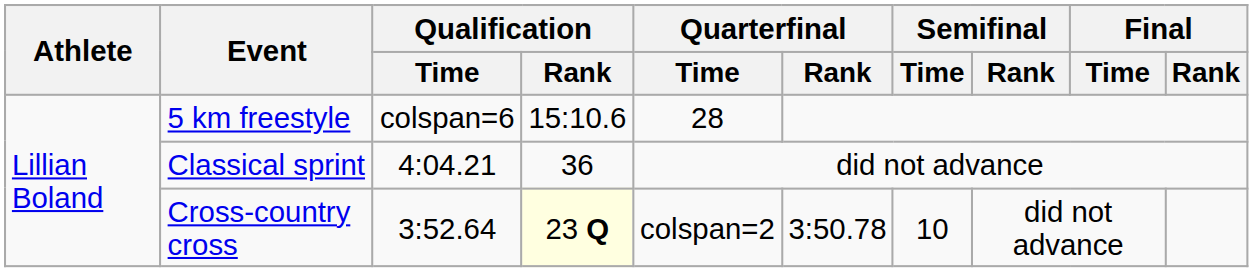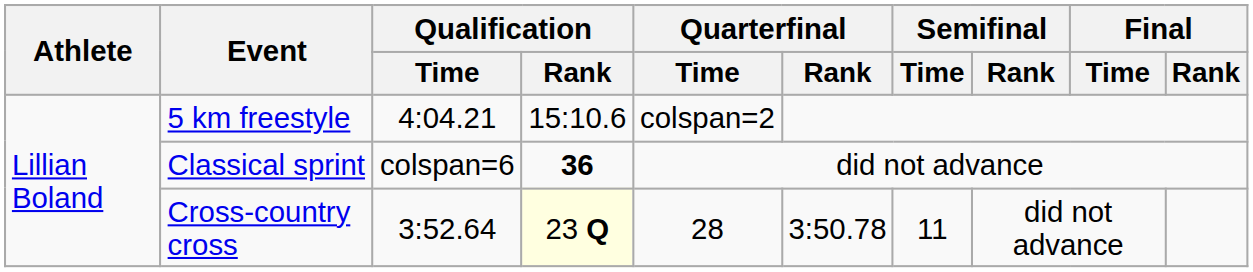 <table class="wikitable" style="font-size:90%">
 <tr>
 <th rowspan="2">Athlete</th>
 <th rowspan="2">Event</th>
 <th colspan="2">Qualification</th>
 <th colspan="2">Quarterfinal</th>
 <th colspan="2">Semifinal</th>
 <th colspan="2">Final</th>
 </tr>
 <tr style="font-size:95%">
 <th>Time</th>
 <th>Rank</th>
 <th>Time</th>
 <th>Rank</th>
 <th>Time</th>
 <th>Rank</th>
 <th>Time</th>
 <th>Rank</th>
 </tr>
 <tr align=center>
 <td align=left rowspan=3><a href='#'>Lillian Boland</a></td>
 <td align=left><a href='#'>5 km freestyle</a></td>
-<td>colspan=6 </td>
+<td>4:04.21</td>
 <td>15:10.6</td>
-<td>28</td>
+<td>colspan=2 </td>
 </tr>
 <tr align=center>
 <td align=left><a href='#'>Classical sprint</a></td>
-<td>4:04.21</td>
-<td>36</td>
+<td>colspan=6 </td>
+<td><strong>36</strong></td>
 <td colspan=6>did not advance</td>
 </tr>
 <tr align=center>
 <td align=left><a href='#'>Cross-country cross</a></td>
 <td>3:52.64</td>
 <td style="background: lightyellow;">23 <strong>Q</strong></td>
-<td>colspan=2 </td>
+<td>28</td>
 <td>3:50.78</td>
-<td>10</td>
+<td>11</td>
 <td colspan=2>did not advance</td>
 </tr>
 </table>
